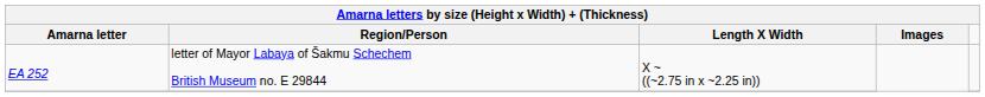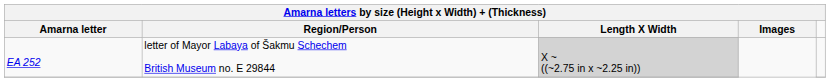 <table class="wikitable" align="center" width="100%">
 <tr>
 <th colspan="5" align="center"><strong><a href='#'>Amarna letters</a> by size (Height x Width) + (Thickness)</strong></th>
 </tr>
 <tr>
 <th>Amarna letter</th>
 <th>Region/Person</th>
 <th>Length X Width</th>
 <th>Images</th>
 </tr>
 <tr>
 <td><br><em><a href='#'>EA 252</a></em></td>
 <td>letter of Mayor <a href='#'>Labaya</a> of Šakmu <a href='#'>Schechem</a><br><br> <a href='#'>British Museum</a> no. E 29844</td>
-<td> <br>X ~<br>((~2.75 in x ~2.25 in))</td>
+<td style="background: lightgrey;"> <br>X ~<br>((~2.75 in x ~2.25 in))</td>
 <td rowspan="99"><br></td>
 <td></td>
 </tr>
 <tr>
 </tr>
 </table>
